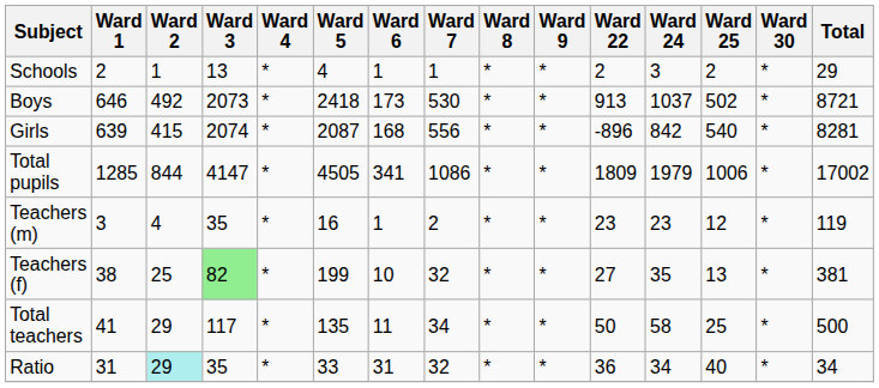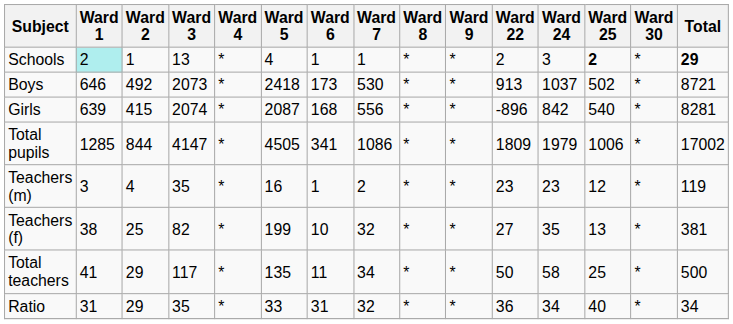 <table class="wikitable sortable" style="font-size: 95%;">
 <tr>
 <th>Subject</th>
 <th>Ward 1</th>
 <th>Ward 2</th>
 <th>Ward 3</th>
 <th>Ward 4</th>
 <th>Ward 5</th>
 <th>Ward 6</th>
 <th>Ward 7</th>
 <th>Ward 8</th>
 <th>Ward 9</th>
 <th>Ward 22</th>
 <th>Ward 24</th>
 <th>Ward 25</th>
 <th>Ward 30</th>
 <th>Total</th>
 </tr>
 <tr>
 <td>Schools</td>
-<td>2</td>
+<td style="background: paleturquoise;">2</td>
 <td>1</td>
 <td>13</td>
 <td>*</td>
 <td>4</td>
 <td>1</td>
 <td>1</td>
 <td>*</td>
 <td>*</td>
 <td>2</td>
 <td>3</td>
-<td>2</td>
+<td><strong>2</strong></td>
 <td>*</td>
-<td>29</td>
+<td><strong>29</strong></td>
 </tr>
 <tr>
 <td>Boys</td>
 <td>646</td>
 <td>492</td>
 <td>2073</td>
 <td>*</td>
 <td>2418</td>
 <td>173</td>
 <td>530</td>
 <td>*</td>
 <td>*</td>
 <td>913</td>
 <td>1037</td>
 <td>502</td>
 <td>*</td>
 <td>8721</td>
 </tr>
 <tr>
 <td>Girls</td>
 <td>639</td>
 <td>415</td>
 <td>2074</td>
 <td>*</td>
 <td>2087</td>
 <td>168</td>
 <td>556</td>
 <td>*</td>
 <td>*</td>
 <td>-896</td>
 <td>842</td>
 <td>540</td>
 <td>*</td>
 <td>8281</td>
 </tr>
 <tr>
 <td>Total pupils</td>
 <td>1285</td>
 <td>844</td>
 <td>4147</td>
 <td>*</td>
 <td>4505</td>
 <td>341</td>
 <td>1086</td>
 <td>*</td>
 <td>*</td>
 <td>1809</td>
 <td>1979</td>
 <td>1006</td>
 <td>*</td>
 <td>17002</td>
 </tr>
 <tr>
 <td>Teachers (m)</td>
 <td>3</td>
 <td>4</td>
 <td>35</td>
 <td>*</td>
 <td>16</td>
 <td>1</td>
 <td>2</td>
 <td>*</td>
 <td>*</td>
 <td>23</td>
 <td>23</td>
 <td>12</td>
 <td>*</td>
 <td>119</td>
 </tr>
 <tr>
 <td>Teachers (f)</td>
 <td>38</td>
 <td>25</td>
-<td style="background: lightgreen;">82</td>
+<td>82</td>
 <td>*</td>
 <td>199</td>
 <td>10</td>
 <td>32</td>
 <td>*</td>
 <td>*</td>
 <td>27</td>
 <td>35</td>
 <td>13</td>
 <td>*</td>
 <td>381</td>
 </tr>
 <tr>
 <td>Total teachers</td>
 <td>41</td>
 <td>29</td>
 <td>117</td>
 <td>*</td>
 <td>135</td>
 <td>11</td>
 <td>34</td>
 <td>*</td>
 <td>*</td>
 <td>50</td>
 <td>58</td>
 <td>25</td>
 <td>*</td>
 <td>500</td>
 </tr>
 <tr>
 <td>Ratio</td>
 <td>31</td>
-<td style="background: paleturquoise;">29</td>
+<td>29</td>
 <td>35</td>
 <td>*</td>
 <td>33</td>
 <td>31</td>
 <td>32</td>
 <td>*</td>
 <td>*</td>
 <td>36</td>
 <td>34</td>
 <td>40</td>
 <td>*</td>
 <td>34</td>
 </tr>
 <tr>
 </tr>
 </table>
